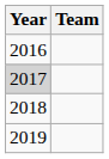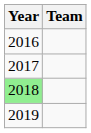 <table class="wikitable">
 <tr>
 <th>Year</th>
 <th>Team</th>
 </tr>
 <tr>
 <td>2016</td>
 <td></td>
 </tr>
 <tr>
-<td style="background: lightgrey;">2017</td>
+<td>2017</td>
 <td></td>
 </tr>
 <tr>
-<td>2018</td>
+<td style="background: lightgreen;">2018</td>
 <td></td>
 </tr>
 <tr>
 <td>2019</td>
 <td></td>
 </tr>
 </table>
